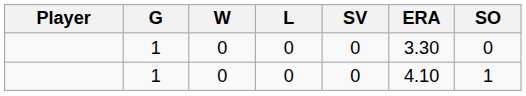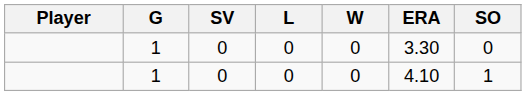 <table class="wikitable sortable">
 <tr>
 <th bgcolor="#DDDDFF" width="16%">Player</th>
 <th bgcolor="#DDDDFF" width="9%">G</th>
+<th bgcolor="#DDDDFF" width="9%">SV</th>
+<th bgcolor="#DDDDFF" width="9%">L</th>
 <th bgcolor="#DDDDFF" width="9%">W</th>
-<th bgcolor="#DDDDFF" width="9%">L</th>
-<th bgcolor="#DDDDFF" width="9%">SV</th>
 <th bgcolor="#DDDDFF" width="9%">ERA</th>
 <th bgcolor="#DDDDFF" width="9%">SO</th>
 </tr>
 <tr align="center">
 <td></td>
 <td>1</td>
 <td>0</td>
 <td>0</td>
 <td>0</td>
 <td>3.30</td>
 <td>0</td>
 </tr>
 <tr align="center">
 <td></td>
 <td>1</td>
 <td>0</td>
 <td>0</td>
 <td>0</td>
 <td>4.10</td>
 <td>1</td>
 </tr>
 </table>
